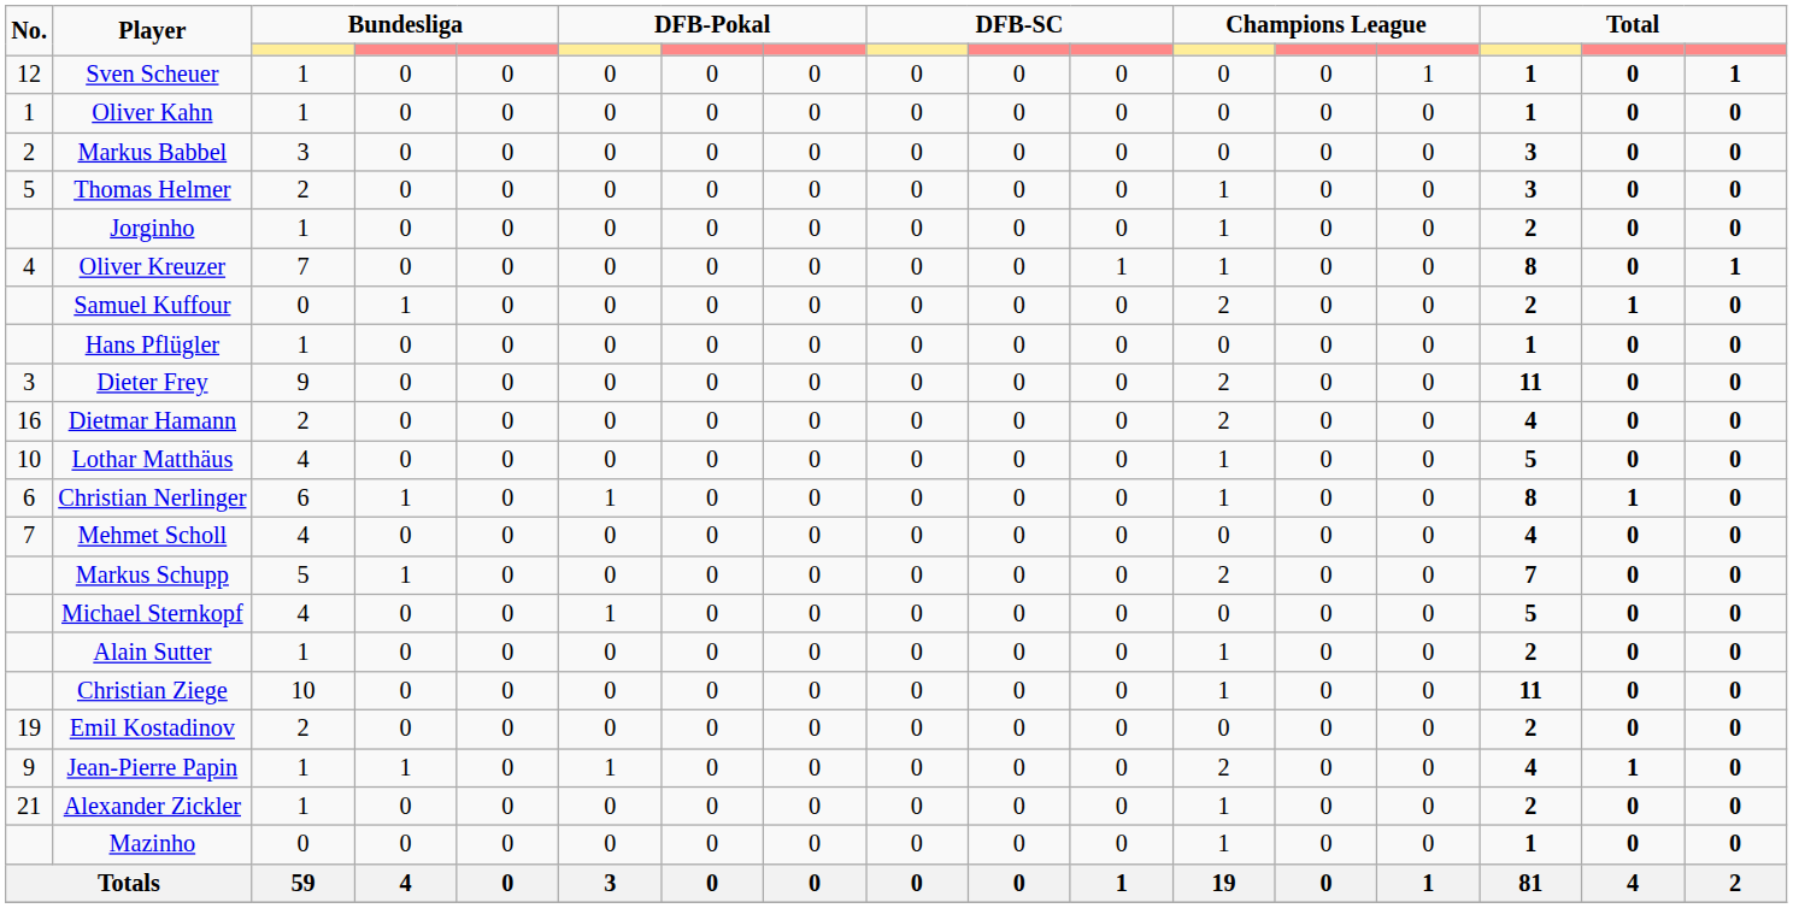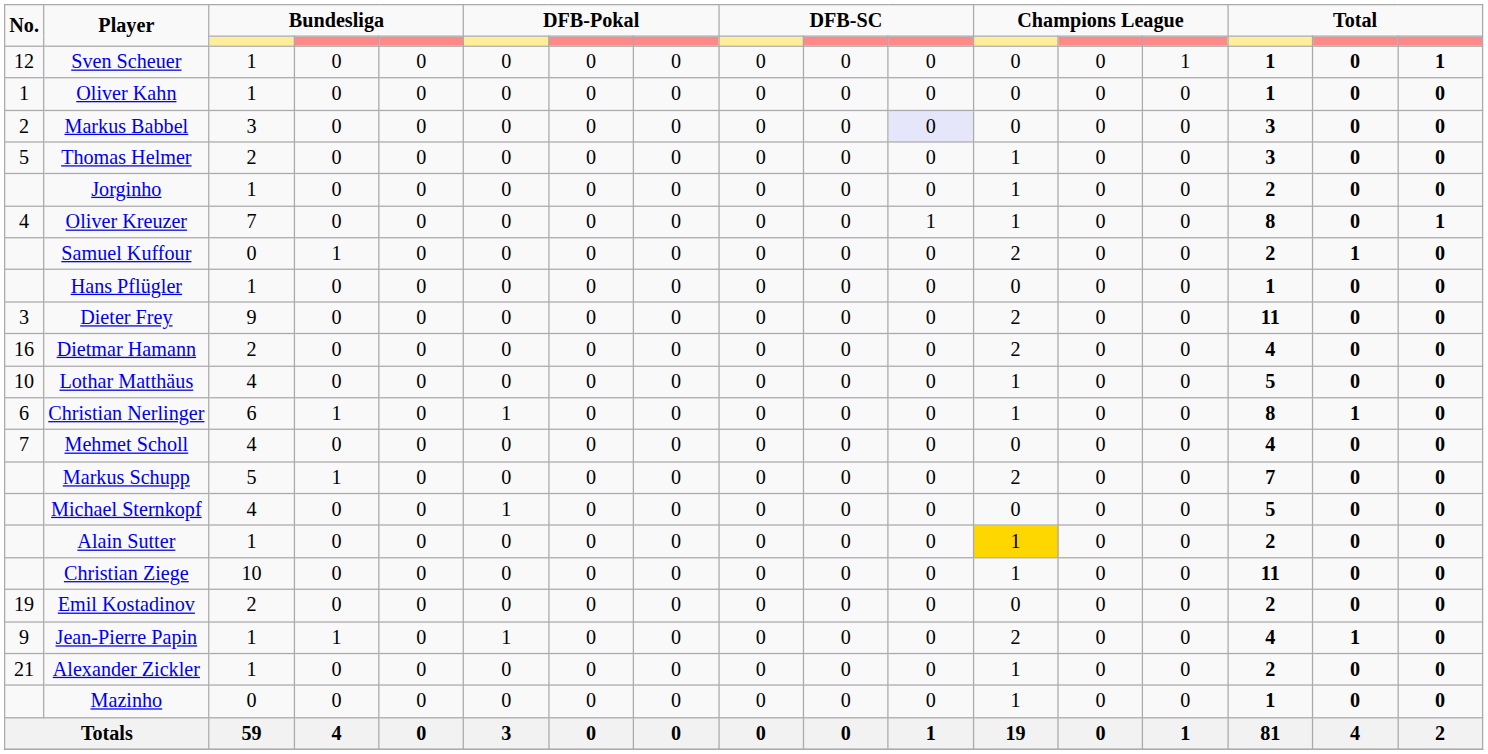 <table class="wikitable" style="text-align:center;">
 <tr style="text-align:center;">
 <td rowspan="2"><strong>No.</strong></td>
 <td rowspan="2"><strong>Player</strong></td>
 <td colspan="3"><strong>Bundesliga</strong></td>
 <td colspan="3"><strong>DFB-Pokal</strong></td>
 <td colspan="3"><strong>DFB-SC</strong></td>
 <td colspan="3"><strong>Champions League</strong></td>
 <td colspan="3"><strong>Total</strong></td>
 </tr>
 <tr>
 <th style="width:60px; background:#fe9;"></th>
 <th style="width:60px; background:#ff8888;"></th>
 <th style="width:60px; background:#ff8888;"></th>
 <th style="width:60px; background:#fe9;"></th>
 <th style="width:60px; background:#ff8888;"></th>
 <th style="width:60px; background:#ff8888;"></th>
 <th style="width:60px; background:#fe9;"></th>
 <th style="width:60px; background:#ff8888;"></th>
 <th style="width:60px; background:#ff8888;"></th>
 <th style="width:60px; background:#fe9;"></th>
 <th style="width:60px; background:#ff8888;"></th>
 <th style="width:60px; background:#ff8888;"></th>
 <th style="width:60px; background:#fe9;"></th>
 <th style="width:60px; background:#ff8888;"></th>
 <th style="width:60px; background:#ff8888;"></th>
 </tr>
 <tr>
 <td>12</td>
 <td><a href='#'>Sven Scheuer</a></td>
 <td>1</td>
 <td>0</td>
 <td>0</td>
 <td>0</td>
 <td>0</td>
 <td>0</td>
 <td>0</td>
 <td>0</td>
 <td>0</td>
 <td>0</td>
 <td>0</td>
 <td>1</td>
 <td><strong>1</strong></td>
 <td><strong>0</strong></td>
 <td><strong>1</strong></td>
 </tr>
 <tr>
 <td>1</td>
 <td><a href='#'>Oliver Kahn</a></td>
 <td>1</td>
 <td>0</td>
 <td>0</td>
 <td>0</td>
 <td>0</td>
 <td>0</td>
 <td>0</td>
 <td>0</td>
 <td>0</td>
 <td>0</td>
 <td>0</td>
 <td>0</td>
 <td><strong>1</strong></td>
 <td><strong>0</strong></td>
 <td><strong>0</strong></td>
 </tr>
 <tr>
 <td>2</td>
 <td><a href='#'>Markus Babbel</a></td>
 <td>3</td>
 <td>0</td>
 <td>0</td>
 <td>0</td>
 <td>0</td>
 <td>0</td>
 <td>0</td>
 <td>0</td>
-<td>0</td>
+<td style="background: lavender;">0</td>
 <td>0</td>
 <td>0</td>
 <td>0</td>
 <td><strong>3</strong></td>
 <td><strong>0</strong></td>
 <td><strong>0</strong></td>
 </tr>
 <tr>
 <td>5</td>
 <td><a href='#'>Thomas Helmer</a></td>
 <td>2</td>
 <td>0</td>
 <td>0</td>
 <td>0</td>
 <td>0</td>
 <td>0</td>
 <td>0</td>
 <td>0</td>
 <td>0</td>
 <td>1</td>
 <td>0</td>
 <td>0</td>
 <td><strong>3</strong></td>
 <td><strong>0</strong></td>
 <td><strong>0</strong></td>
 </tr>
 <tr>
 <td></td>
 <td><a href='#'>Jorginho</a></td>
 <td>1</td>
 <td>0</td>
 <td>0</td>
 <td>0</td>
 <td>0</td>
 <td>0</td>
 <td>0</td>
 <td>0</td>
 <td>0</td>
 <td>1</td>
 <td>0</td>
 <td>0</td>
 <td><strong>2</strong></td>
 <td><strong>0</strong></td>
 <td><strong>0</strong></td>
 </tr>
 <tr>
 <td>4</td>
 <td><a href='#'>Oliver Kreuzer</a></td>
 <td>7</td>
 <td>0</td>
 <td>0</td>
 <td>0</td>
 <td>0</td>
 <td>0</td>
 <td>0</td>
 <td>0</td>
 <td>1</td>
 <td>1</td>
 <td>0</td>
 <td>0</td>
 <td><strong>8</strong></td>
 <td><strong>0</strong></td>
 <td><strong>1</strong></td>
 </tr>
 <tr>
 <td></td>
 <td><a href='#'>Samuel Kuffour</a></td>
 <td>0</td>
 <td>1</td>
 <td>0</td>
 <td>0</td>
 <td>0</td>
 <td>0</td>
 <td>0</td>
 <td>0</td>
 <td>0</td>
 <td>2</td>
 <td>0</td>
 <td>0</td>
 <td><strong>2</strong></td>
 <td><strong>1</strong></td>
 <td><strong>0</strong></td>
 </tr>
 <tr>
 <td></td>
 <td><a href='#'>Hans Pflügler</a></td>
 <td>1</td>
 <td>0</td>
 <td>0</td>
 <td>0</td>
 <td>0</td>
 <td>0</td>
 <td>0</td>
 <td>0</td>
 <td>0</td>
 <td>0</td>
 <td>0</td>
 <td>0</td>
 <td><strong>1</strong></td>
 <td><strong>0</strong></td>
 <td><strong>0</strong></td>
 </tr>
 <tr>
 <td>3</td>
 <td><a href='#'>Dieter Frey</a></td>
 <td>9</td>
 <td>0</td>
 <td>0</td>
 <td>0</td>
 <td>0</td>
 <td>0</td>
 <td>0</td>
 <td>0</td>
 <td>0</td>
 <td>2</td>
 <td>0</td>
 <td>0</td>
 <td><strong>11</strong></td>
 <td><strong>0</strong></td>
 <td><strong>0</strong></td>
 </tr>
 <tr>
 <td>16</td>
 <td><a href='#'>Dietmar Hamann</a></td>
 <td>2</td>
 <td>0</td>
 <td>0</td>
 <td>0</td>
 <td>0</td>
 <td>0</td>
 <td>0</td>
 <td>0</td>
 <td>0</td>
 <td>2</td>
 <td>0</td>
 <td>0</td>
 <td><strong>4</strong></td>
 <td><strong>0</strong></td>
 <td><strong>0</strong></td>
 </tr>
 <tr>
 <td>10</td>
 <td><a href='#'>Lothar Matthäus</a></td>
 <td>4</td>
 <td>0</td>
 <td>0</td>
 <td>0</td>
 <td>0</td>
 <td>0</td>
 <td>0</td>
 <td>0</td>
 <td>0</td>
 <td>1</td>
 <td>0</td>
 <td>0</td>
 <td><strong>5</strong></td>
 <td><strong>0</strong></td>
 <td><strong>0</strong></td>
 </tr>
 <tr>
 <td>6</td>
 <td><a href='#'>Christian Nerlinger</a></td>
 <td>6</td>
 <td>1</td>
 <td>0</td>
 <td>1</td>
 <td>0</td>
 <td>0</td>
 <td>0</td>
 <td>0</td>
 <td>0</td>
 <td>1</td>
 <td>0</td>
 <td>0</td>
 <td><strong>8</strong></td>
 <td><strong>1</strong></td>
 <td><strong>0</strong></td>
 </tr>
 <tr>
 <td>7</td>
 <td><a href='#'>Mehmet Scholl</a></td>
 <td>4</td>
 <td>0</td>
 <td>0</td>
 <td>0</td>
 <td>0</td>
 <td>0</td>
 <td>0</td>
 <td>0</td>
 <td>0</td>
 <td>0</td>
 <td>0</td>
 <td>0</td>
 <td><strong>4</strong></td>
 <td><strong>0</strong></td>
 <td><strong>0</strong></td>
 </tr>
 <tr>
 <td></td>
 <td><a href='#'>Markus Schupp</a></td>
 <td>5</td>
 <td>1</td>
 <td>0</td>
 <td>0</td>
 <td>0</td>
 <td>0</td>
 <td>0</td>
 <td>0</td>
 <td>0</td>
 <td>2</td>
 <td>0</td>
 <td>0</td>
 <td><strong>7</strong></td>
 <td><strong>0</strong></td>
 <td><strong>0</strong></td>
 </tr>
 <tr>
 <td></td>
 <td><a href='#'>Michael Sternkopf</a></td>
 <td>4</td>
 <td>0</td>
 <td>0</td>
 <td>1</td>
 <td>0</td>
 <td>0</td>
 <td>0</td>
 <td>0</td>
 <td>0</td>
 <td>0</td>
 <td>0</td>
 <td>0</td>
 <td><strong>5</strong></td>
 <td><strong>0</strong></td>
 <td><strong>0</strong></td>
 </tr>
 <tr>
 <td></td>
 <td><a href='#'>Alain Sutter</a></td>
 <td>1</td>
 <td>0</td>
 <td>0</td>
 <td>0</td>
 <td>0</td>
 <td>0</td>
 <td>0</td>
 <td>0</td>
 <td>0</td>
-<td>1</td>
+<td style="background: gold;">1</td>
 <td>0</td>
 <td>0</td>
 <td><strong>2</strong></td>
 <td><strong>0</strong></td>
 <td><strong>0</strong></td>
 </tr>
 <tr>
 <td></td>
 <td><a href='#'>Christian Ziege</a></td>
 <td>10</td>
 <td>0</td>
 <td>0</td>
 <td>0</td>
 <td>0</td>
 <td>0</td>
 <td>0</td>
 <td>0</td>
 <td>0</td>
 <td>1</td>
 <td>0</td>
 <td>0</td>
 <td><strong>11</strong></td>
 <td><strong>0</strong></td>
 <td><strong>0</strong></td>
 </tr>
 <tr>
 <td>19</td>
 <td><a href='#'>Emil Kostadinov</a></td>
 <td>2</td>
 <td>0</td>
 <td>0</td>
 <td>0</td>
 <td>0</td>
 <td>0</td>
 <td>0</td>
 <td>0</td>
 <td>0</td>
 <td>0</td>
 <td>0</td>
 <td>0</td>
 <td><strong>2</strong></td>
 <td><strong>0</strong></td>
 <td><strong>0</strong></td>
 </tr>
 <tr>
 <td>9</td>
 <td><a href='#'>Jean-Pierre Papin</a></td>
 <td>1</td>
 <td>1</td>
 <td>0</td>
 <td>1</td>
 <td>0</td>
 <td>0</td>
 <td>0</td>
 <td>0</td>
 <td>0</td>
 <td>2</td>
 <td>0</td>
 <td>0</td>
 <td><strong>4</strong></td>
 <td><strong>1</strong></td>
 <td><strong>0</strong></td>
 </tr>
 <tr>
 <td>21</td>
 <td><a href='#'>Alexander Zickler</a></td>
 <td>1</td>
 <td>0</td>
 <td>0</td>
 <td>0</td>
 <td>0</td>
 <td>0</td>
 <td>0</td>
 <td>0</td>
 <td>0</td>
 <td>1</td>
 <td>0</td>
 <td>0</td>
 <td><strong>2</strong></td>
 <td><strong>0</strong></td>
 <td><strong>0</strong></td>
 </tr>
 <tr>
 <td></td>
 <td><a href='#'>Mazinho</a></td>
 <td>0</td>
 <td>0</td>
 <td>0</td>
 <td>0</td>
 <td>0</td>
 <td>0</td>
 <td>0</td>
 <td>0</td>
 <td>0</td>
 <td>1</td>
 <td>0</td>
 <td>0</td>
 <td><strong>1</strong></td>
 <td><strong>0</strong></td>
 <td><strong>0</strong></td>
 </tr>
 <tr>
 <th colspan="2">Totals</th>
 <th>59</th>
 <th>4</th>
 <th>0</th>
 <th>3</th>
 <th>0</th>
 <th>0</th>
 <th>0</th>
 <th>0</th>
 <th>1</th>
 <th>19</th>
 <th>0</th>
 <th>1</th>
 <th>81</th>
 <th>4</th>
 <th>2</th>
 </tr>
 <tr>
 </tr>
 </table>
